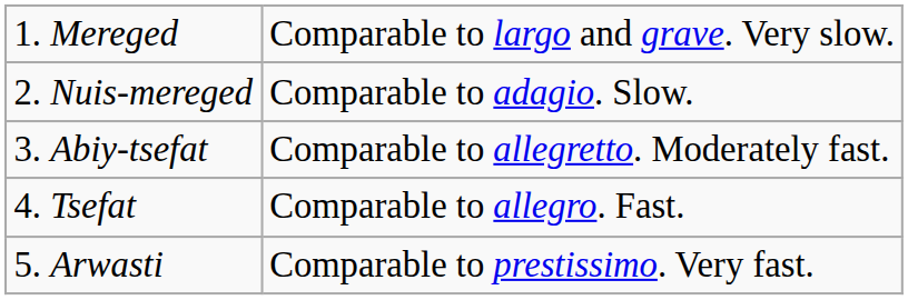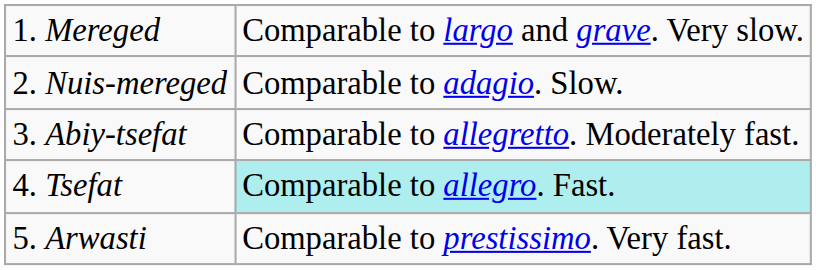 <table class="wikitable">
 <tr>
 <td>1. <em>Mereged</em></td>
 <td>Comparable to <em><a href='#'>largo</a></em> and <em><a href='#'>grave</a></em>. Very slow.</td>
 </tr>
 <tr>
 <td>2. <em>Nuis-mereged</em></td>
 <td>Comparable to <em><a href='#'>adagio</a></em>. Slow.</td>
 </tr>
 <tr>
 <td>3. <em>Abiy-tsefat</em></td>
 <td>Comparable to <em><a href='#'>allegretto</a></em>. Moderately fast.</td>
 </tr>
 <tr>
 <td>4. <em>Tsefat</em></td>
-<td>Comparable to <em><a href='#'>allegro</a></em>. Fast.</td>
+<td style="background: paleturquoise;">Comparable to <em><a href='#'>allegro</a></em>. Fast.</td>
 </tr>
 <tr>
 <td>5. <em>Arwasti</em></td>
 <td>Comparable to <em><a href='#'>prestissimo</a></em>. Very fast.</td>
 </tr>
 </table>
